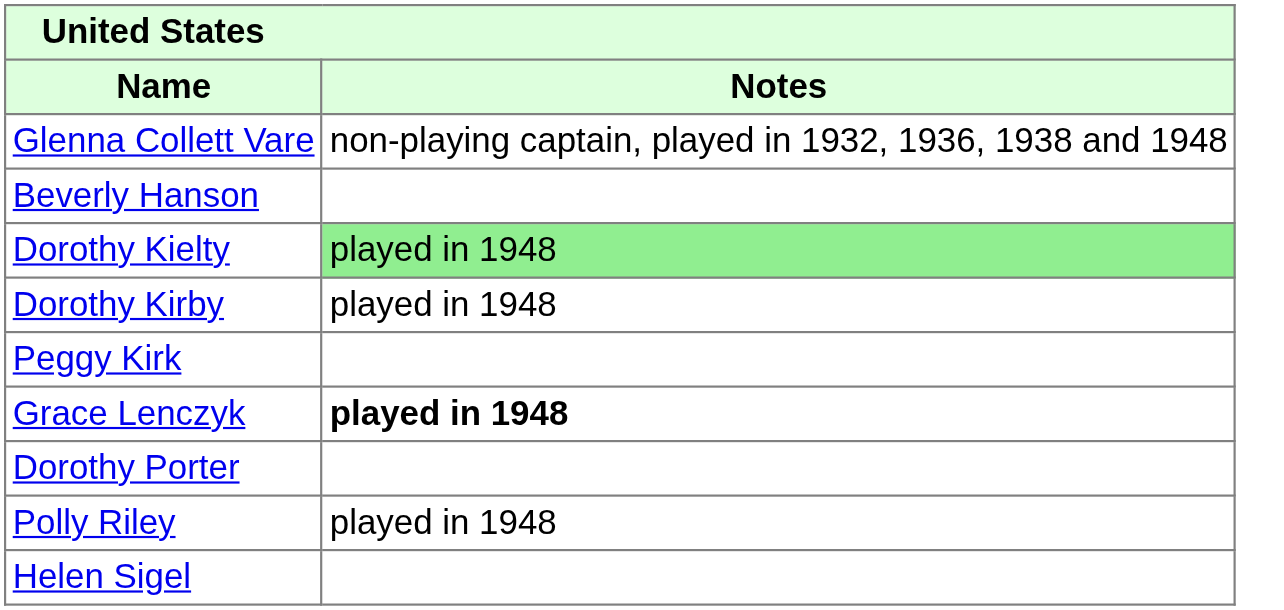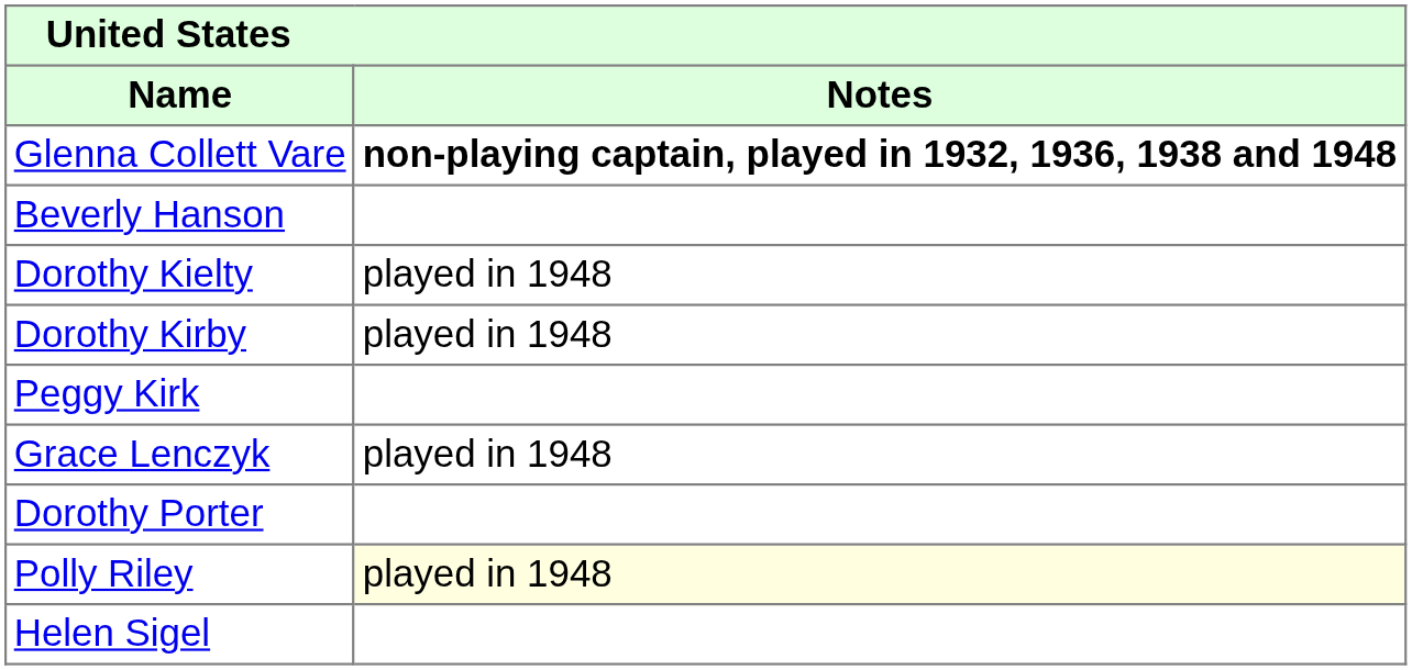 <table border="1" cellpadding="3" style="border-collapse: collapse;">
 <tr style="background:#ddffdd;">
 <td colspan="6">   <strong>United States</strong></td>
 </tr>
 <tr style="background:#ddffdd;">
 <th>Name</th>
 <th>Notes</th>
 </tr>
 <tr>
 <td><a href='#'>Glenna Collett Vare</a></td>
-<td>non-playing captain, played in 1932, 1936, 1938 and 1948</td>
+<td><strong>non-playing captain, played in 1932, 1936, 1938 and 1948</strong></td>
 </tr>
 <tr>
 <td><a href='#'>Beverly Hanson</a></td>
 <td></td>
 </tr>
 <tr>
 <td><a href='#'>Dorothy Kielty</a></td>
-<td style="background: lightgreen;">played in 1948</td>
+<td>played in 1948</td>
 </tr>
 <tr>
 <td><a href='#'>Dorothy Kirby</a></td>
 <td>played in 1948</td>
 </tr>
 <tr>
 <td><a href='#'>Peggy Kirk</a></td>
 <td></td>
 </tr>
 <tr>
 <td><a href='#'>Grace Lenczyk</a></td>
-<td><strong>played in 1948</strong></td>
+<td>played in 1948</td>
 </tr>
 <tr>
 <td><a href='#'>Dorothy Porter</a></td>
 <td></td>
 </tr>
 <tr>
 <td><a href='#'>Polly Riley</a></td>
-<td>played in 1948</td>
+<td style="background: lightyellow;">played in 1948</td>
 </tr>
 <tr>
 <td><a href='#'>Helen Sigel</a></td>
 <td></td>
 </tr>
 </table>
